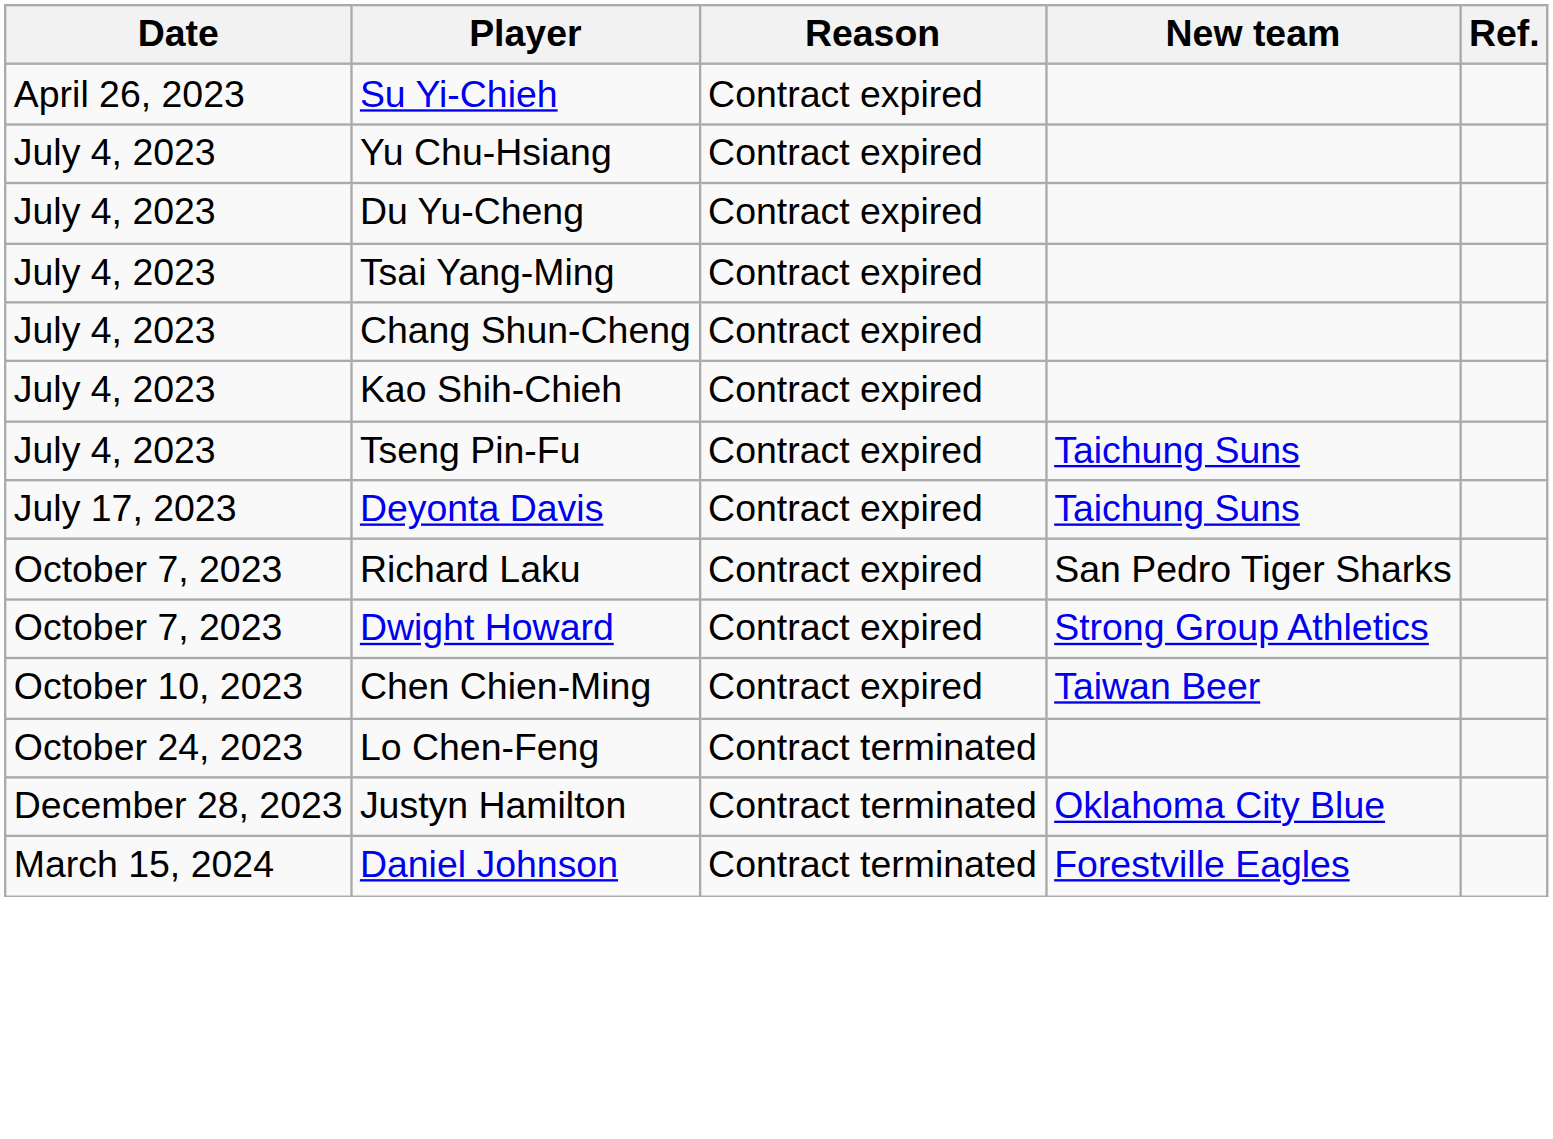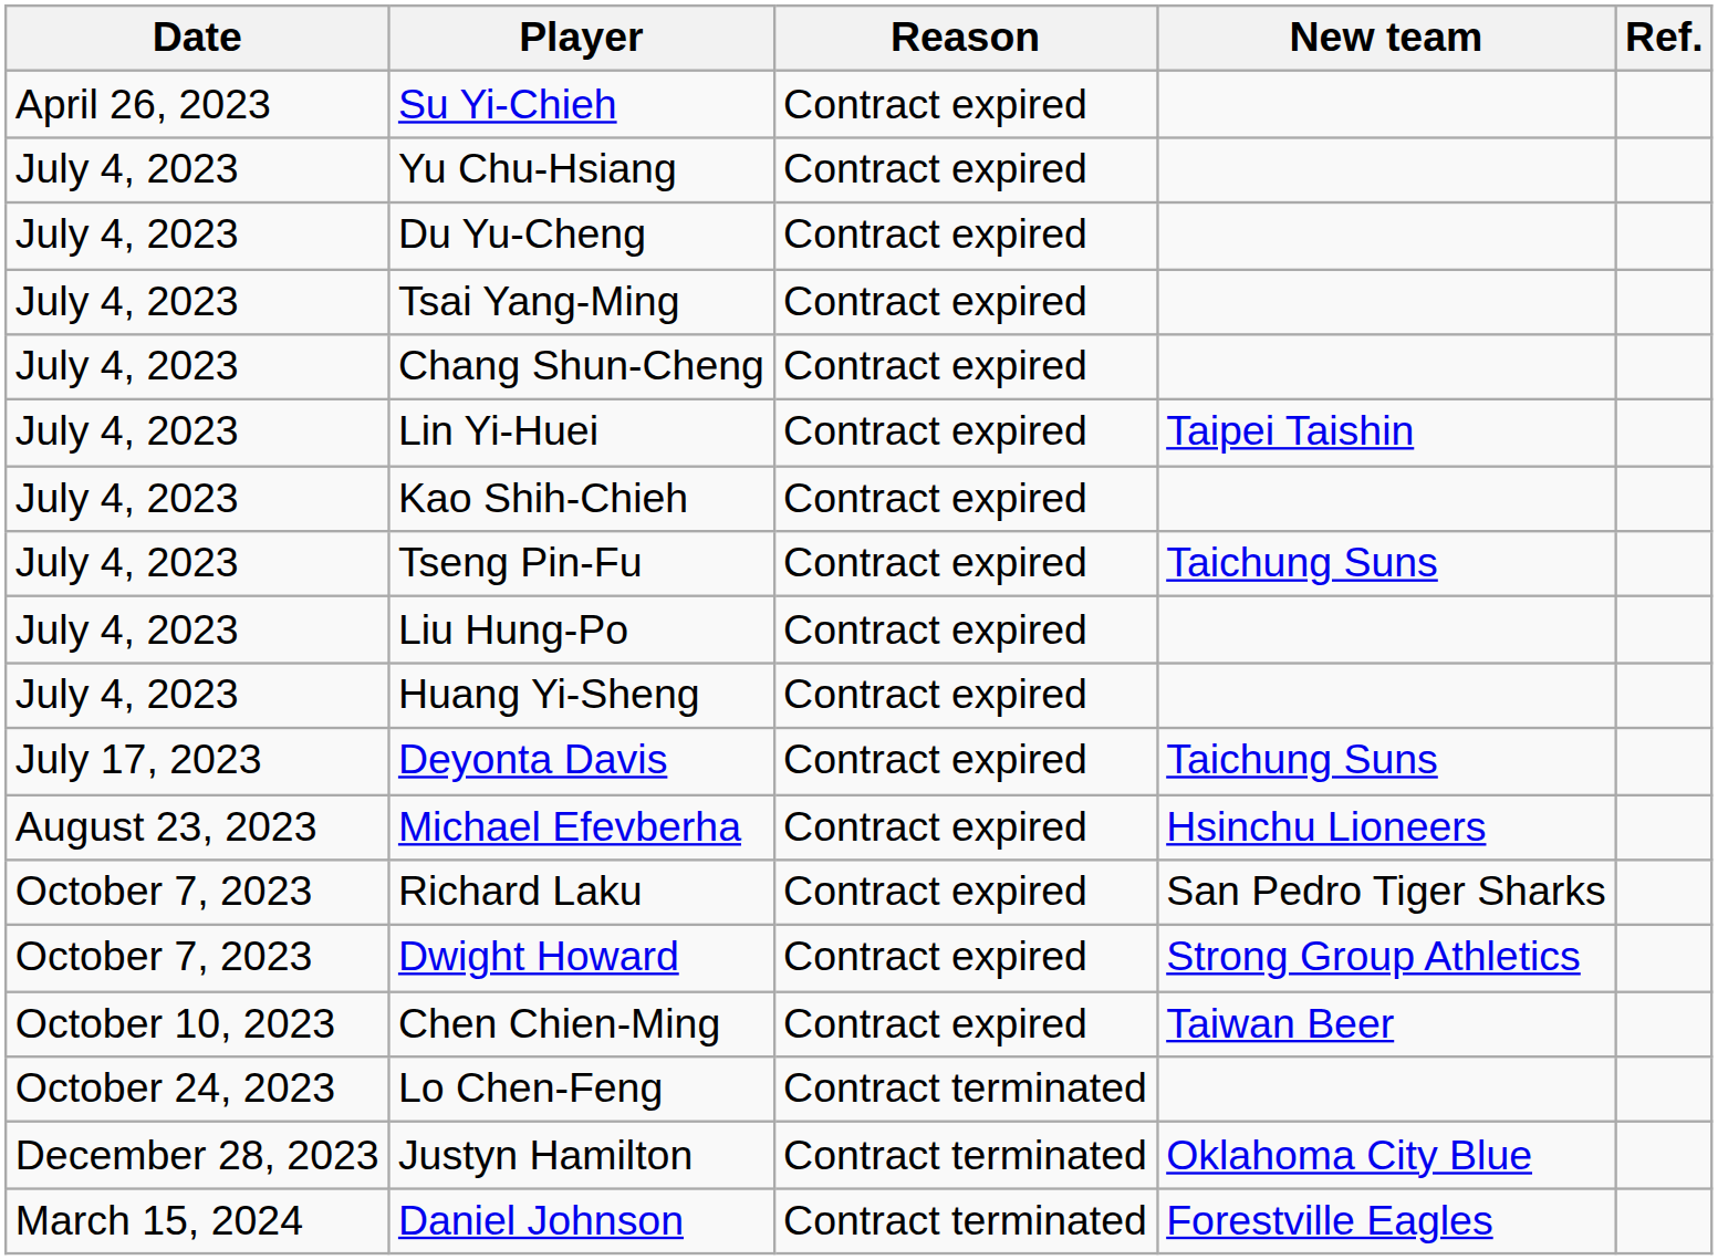 <table class="wikitable">
 <tr>
 <th>Date</th>
 <th>Player</th>
 <th>Reason</th>
 <th>New team</th>
 <th>Ref.</th>
 </tr>
 <tr>
 <td>April 26, 2023</td>
 <td><a href='#'>Su Yi-Chieh</a></td>
 <td>Contract expired</td>
 <td></td>
 <td></td>
 </tr>
 <tr>
 <td>July 4, 2023</td>
 <td>Yu Chu-Hsiang</td>
 <td>Contract expired</td>
 <td></td>
 <td></td>
 </tr>
 <tr>
 <td>July 4, 2023</td>
 <td>Du Yu-Cheng</td>
 <td>Contract expired</td>
 <td></td>
 <td></td>
 </tr>
 <tr>
 <td>July 4, 2023</td>
 <td>Tsai Yang-Ming</td>
 <td>Contract expired</td>
 <td></td>
 <td></td>
 </tr>
 <tr>
 <td>July 4, 2023</td>
 <td>Chang Shun-Cheng</td>
 <td>Contract expired</td>
 <td></td>
 <td></td>
 </tr>
 <tr>
 <td>July 4, 2023</td>
+<td>Lin Yi-Huei</td>
+<td>Contract expired</td>
+<td> <a href='#'>Taipei Taishin</a></td>
+<td></td>
+</tr>
+<tr>
+<td>July 4, 2023</td>
 <td>Kao Shih-Chieh</td>
 <td>Contract expired</td>
 <td></td>
 <td></td>
 </tr>
 <tr>
 <td>July 4, 2023</td>
 <td>Tseng Pin-Fu</td>
 <td>Contract expired</td>
 <td> <a href='#'>Taichung Suns</a></td>
 <td></td>
 </tr>
 <tr>
+<td>July 4, 2023</td>
+<td>Liu Hung-Po</td>
+<td>Contract expired</td>
+<td></td>
+<td></td>
+</tr>
+<tr>
+<td>July 4, 2023</td>
+<td>Huang Yi-Sheng</td>
+<td>Contract expired</td>
+<td></td>
+<td></td>
+</tr>
+<tr>
 <td>July 17, 2023</td>
 <td><a href='#'>Deyonta Davis</a></td>
 <td>Contract expired</td>
 <td> <a href='#'>Taichung Suns</a></td>
+<td></td>
+</tr>
+<tr>
+<td>August 23, 2023</td>
+<td><a href='#'>Michael Efevberha</a></td>
+<td>Contract expired</td>
+<td> <a href='#'>Hsinchu Lioneers</a></td>
 <td></td>
 </tr>
 <tr>
 <td>October 7, 2023</td>
 <td>Richard Laku</td>
 <td>Contract expired</td>
 <td> San Pedro Tiger Sharks</td>
 <td></td>
 </tr>
 <tr>
 <td>October 7, 2023</td>
 <td><a href='#'>Dwight Howard</a></td>
 <td>Contract expired</td>
 <td> <a href='#'>Strong Group Athletics</a></td>
 <td></td>
 </tr>
 <tr>
 <td>October 10, 2023</td>
 <td>Chen Chien-Ming</td>
 <td>Contract expired</td>
 <td> <a href='#'>Taiwan Beer</a></td>
 <td></td>
 </tr>
 <tr>
 <td>October 24, 2023</td>
 <td>Lo Chen-Feng</td>
 <td>Contract terminated</td>
 <td></td>
 <td></td>
 </tr>
 <tr>
 <td>December 28, 2023</td>
 <td>Justyn Hamilton</td>
 <td>Contract terminated</td>
 <td> <a href='#'>Oklahoma City Blue</a></td>
 <td></td>
 </tr>
 <tr>
 <td>March 15, 2024</td>
 <td><a href='#'>Daniel Johnson</a></td>
 <td>Contract terminated</td>
 <td> <a href='#'>Forestville Eagles</a></td>
 <td></td>
 </tr>
 </table>
